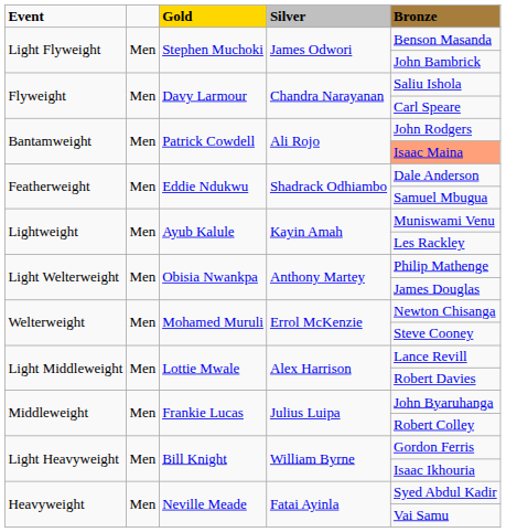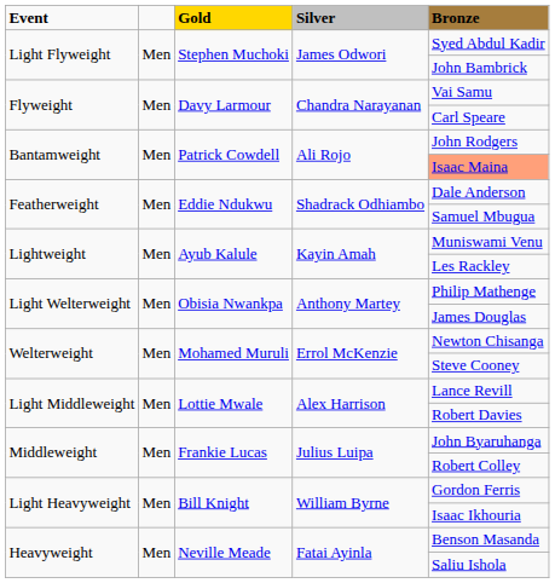 <table class="wikitable">
 <tr>
 <td><strong>Event</strong></td>
 <td></td>
 <td !align="center" bgcolor="gold" colspan="1"><strong>Gold</strong></td>
 <td !align="center" bgcolor="silver" colspan="1"><strong>Silver</strong></td>
 <td !align="center" bgcolor="#a67d3d" colspan="1"><strong>Bronze</strong></td>
 </tr>
 <tr>
 <td rowspan=2>Light Flyweight</td>
 <td rowspan=2>Men</td>
 <td rowspan=2> <a href='#'>Stephen Muchoki</a></td>
 <td rowspan=2> <a href='#'>James Odwori</a></td>
-<td> <a href='#'>Benson Masanda</a></td>
+<td> <a href='#'>Syed Abdul Kadir</a></td>
 </tr>
 <tr>
 <td> <a href='#'>John Bambrick</a></td>
 </tr>
 <tr>
 <td rowspan=2>Flyweight</td>
 <td rowspan=2>Men</td>
 <td rowspan=2> <a href='#'>Davy Larmour</a></td>
 <td rowspan=2> <a href='#'>Chandra Narayanan</a></td>
-<td> <a href='#'>Saliu Ishola</a></td>
+<td> <a href='#'>Vai Samu</a></td>
 </tr>
 <tr>
 <td> <a href='#'>Carl Speare</a></td>
 </tr>
 <tr>
 <td rowspan=2>Bantamweight</td>
 <td rowspan=2>Men</td>
 <td rowspan=2> <a href='#'>Patrick Cowdell</a></td>
 <td rowspan=2> <a href='#'>Ali Rojo</a></td>
 <td> <a href='#'>John Rodgers</a></td>
 </tr>
 <tr>
 <td style="background: lightsalmon;"> <a href='#'>Isaac Maina</a></td>
 </tr>
 <tr>
 <td rowspan=2>Featherweight</td>
 <td rowspan=2>Men</td>
 <td rowspan=2> <a href='#'>Eddie Ndukwu</a></td>
 <td rowspan=2> <a href='#'>Shadrack Odhiambo</a></td>
 <td> <a href='#'>Dale Anderson</a></td>
 </tr>
 <tr>
 <td> <a href='#'>Samuel Mbugua</a></td>
 </tr>
 <tr>
 <td rowspan=2>Lightweight</td>
 <td rowspan=2>Men</td>
 <td rowspan=2> <a href='#'>Ayub Kalule</a></td>
 <td rowspan=2> <a href='#'>Kayin Amah</a></td>
 <td> <a href='#'>Muniswami Venu</a></td>
 </tr>
 <tr>
 <td> <a href='#'>Les Rackley</a></td>
 </tr>
 <tr>
 <td rowspan=2>Light Welterweight</td>
 <td rowspan=2>Men</td>
 <td rowspan=2> <a href='#'>Obisia Nwankpa</a></td>
 <td rowspan=2> <a href='#'>Anthony Martey</a></td>
 <td> <a href='#'>Philip Mathenge</a></td>
 </tr>
 <tr>
 <td> <a href='#'>James Douglas</a></td>
 </tr>
 <tr>
 <td rowspan=2>Welterweight</td>
 <td rowspan=2>Men</td>
 <td rowspan=2> <a href='#'>Mohamed Muruli</a></td>
 <td rowspan=2> <a href='#'>Errol McKenzie</a></td>
 <td> <a href='#'>Newton Chisanga</a></td>
 </tr>
 <tr>
 <td> <a href='#'>Steve Cooney</a></td>
 </tr>
 <tr>
 <td rowspan=2>Light Middleweight</td>
 <td rowspan=2>Men</td>
 <td rowspan=2> <a href='#'>Lottie Mwale</a></td>
 <td rowspan=2> <a href='#'>Alex Harrison</a></td>
 <td> <a href='#'>Lance Revill</a></td>
 </tr>
 <tr>
 <td> <a href='#'>Robert Davies</a></td>
 </tr>
 <tr>
 <td rowspan=2>Middleweight</td>
 <td rowspan=2>Men</td>
 <td rowspan=2> <a href='#'>Frankie Lucas</a></td>
 <td rowspan=2> <a href='#'>Julius Luipa</a></td>
 <td> <a href='#'>John Byaruhanga</a></td>
 </tr>
 <tr>
 <td> <a href='#'>Robert Colley</a></td>
 </tr>
 <tr>
 <td rowspan=2>Light Heavyweight</td>
 <td rowspan=2>Men</td>
 <td rowspan=2> <a href='#'>Bill Knight</a></td>
 <td rowspan=2> <a href='#'>William Byrne</a></td>
 <td> <a href='#'>Gordon Ferris</a></td>
 </tr>
 <tr>
 <td> <a href='#'>Isaac Ikhouria</a></td>
 </tr>
 <tr>
 <td rowspan=2>Heavyweight</td>
 <td rowspan=2>Men</td>
 <td rowspan=2> <a href='#'>Neville Meade</a></td>
 <td rowspan=2> <a href='#'>Fatai Ayinla</a></td>
-<td> <a href='#'>Syed Abdul Kadir</a></td>
+<td> <a href='#'>Benson Masanda</a></td>
 </tr>
 <tr>
-<td> <a href='#'>Vai Samu</a></td>
+<td> <a href='#'>Saliu Ishola</a></td>
 </tr>
 </table>
